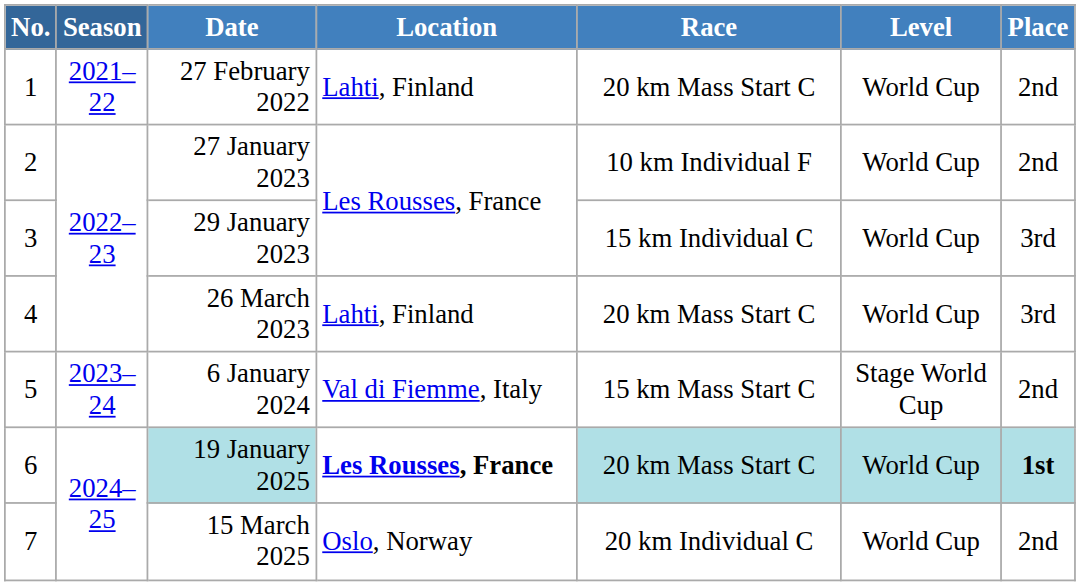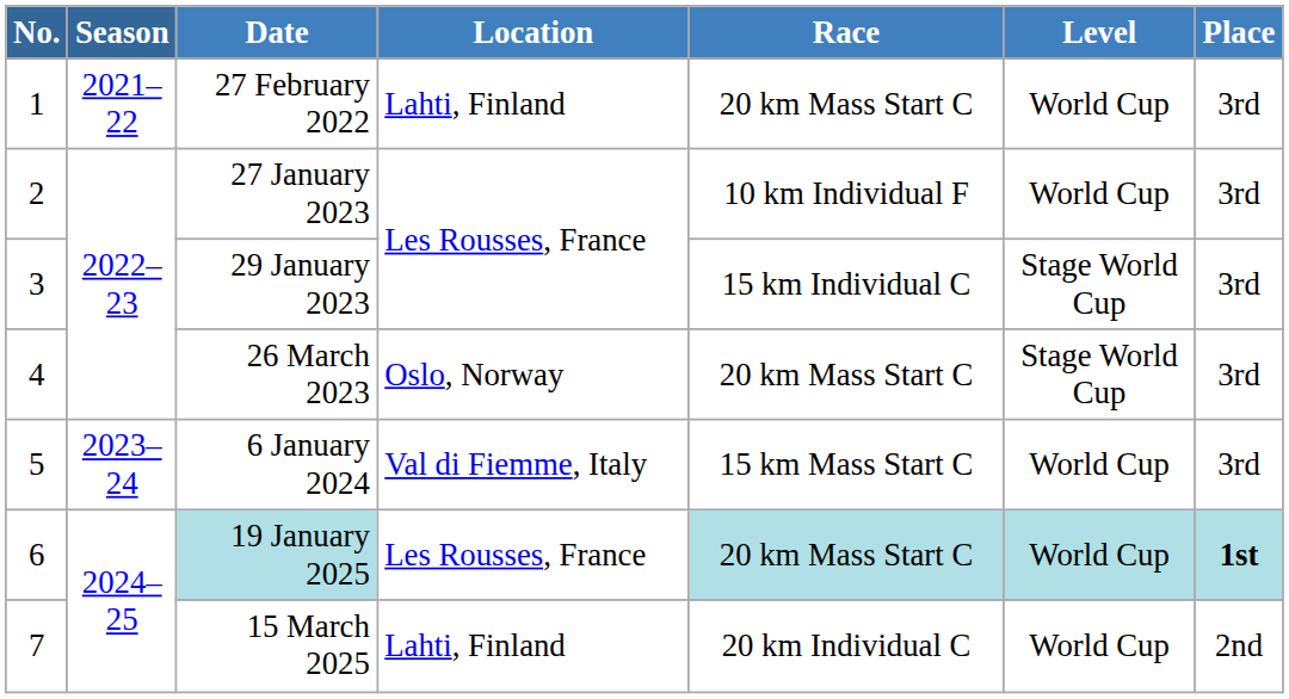 <table class="wikitable sortable" style="font-size:95%; text-align:center; border:grey solid 1px; border-collapse:collapse; background:#ffffff;">
 <tr style="background:#efefef;">
 <th style="background-color:#369; color:white;">No.</th>
 <th style="background-color:#369; color:white;">Season</th>
 <th style="background-color:#4180be; color:white; width:100px;">Date</th>
 <th style="background-color:#4180be; color:white; width:170px;">Location</th>
 <th style="background-color:#4180be; color:white; width:170px;">Race</th>
 <th style="background-color:#4180be; color:white; width:100px;">Level</th>
 <th style="background-color:#4180be; color:white;">Place</th>
 </tr>
 <tr>
 <td align=center>1</td>
 <td rowspan=1><a href='#'>2021–22</a></td>
 <td align= right>27 February 2022</td>
 <td align=left> <a href='#'>Lahti</a>, Finland</td>
 <td>20 km Mass Start C</td>
 <td>World Cup</td>
-<td>2nd</td>
+<td>3rd</td>
 </tr>
 <tr>
 <td align=center>2</td>
 <td rowspan=3><a href='#'>2022–23</a></td>
 <td align= right>27 January 2023</td>
 <td rowspan=2 align=left> <a href='#'>Les Rousses</a>, France</td>
 <td>10 km Individual F</td>
 <td>World Cup</td>
-<td>2nd</td>
+<td>3rd</td>
 </tr>
 <tr>
 <td align=center>3</td>
 <td align=right>29 January 2023</td>
 <td>15 km Individual C</td>
-<td>World Cup</td>
+<td>Stage World Cup</td>
 <td>3rd</td>
 </tr>
 <tr>
 <td align=center>4</td>
 <td align=right>26 March 2023</td>
-<td align=left> <a href='#'>Lahti</a>, Finland</td>
+<td align=left> <a href='#'>Oslo</a>, Norway</td>
 <td>20 km Mass Start C</td>
-<td>World Cup</td>
+<td>Stage World Cup</td>
 <td>3rd</td>
 </tr>
 <tr>
 <td align=center>5</td>
 <td rowspan=1><a href='#'>2023–24</a></td>
 <td align=right>6 January 2024</td>
 <td align=left> <a href='#'>Val di Fiemme</a>, Italy</td>
 <td>15 km Mass Start C</td>
-<td>Stage World Cup</td>
-<td>2nd</td>
+<td>World Cup</td>
+<td>3rd</td>
 </tr>
 <tr>
 <td align=center>6</td>
 <td rowspan=2><a href='#'>2024–25</a></td>
 <td align=right bgcolor="#BOEOE6">19 January 2025</td>
-<td align=left><strong> <a href='#'>Les Rousses</a>, France</strong></td>
+<td align=left> <a href='#'>Les Rousses</a>, France</td>
 <td bgcolor="#BOEOE6">20 km Mass Start C</td>
 <td bgcolor="#BOEOE6">World Cup</td>
 <td bgcolor="#BOEOE6"><strong>1st</strong></td>
 </tr>
 <tr>
 <td align=center>7</td>
 <td align=right>15 March 2025</td>
-<td align=left> <a href='#'>Oslo</a>, Norway</td>
+<td align=left> <a href='#'>Lahti</a>, Finland</td>
 <td>20 km Individual C</td>
 <td>World Cup</td>
 <td>2nd</td>
 </tr>
 </table>
